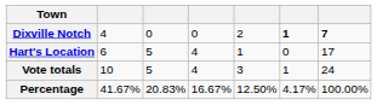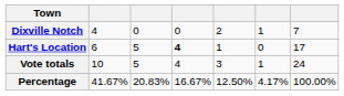 <table class="wikitable sortable" style=margin:auto;margin:auto>
 <tr valign=bottom>
 <th>Town</th>
 <th></th>
 <th></th>
 <th></th>
 <th></th>
 <th></th>
 <th></th>
 </tr>
 <tr>
 <th><a href='#'>Dixville Notch</a></th>
 <td>4</td>
 <td>0</td>
 <td>0</td>
 <td>2</td>
-<td><strong>1</strong></td>
-<td><strong>7</strong></td>
+<td>1</td>
+<td>7</td>
 </tr>
 <tr>
 <th><a href='#'>Hart's Location</a></th>
 <td>6</td>
 <td>5</td>
-<td>4</td>
+<td><strong>4</strong></td>
 <td>1</td>
 <td>0</td>
 <td>17</td>
 </tr>
 <tr>
 <th>Vote totals</th>
 <td>10</td>
 <td>5</td>
 <td>4</td>
 <td>3</td>
 <td>1</td>
 <td>24</td>
 </tr>
 <tr>
 <th>Percentage</th>
 <td>41.67%</td>
 <td>20.83%</td>
 <td>16.67%</td>
 <td>12.50%</td>
 <td>4.17%</td>
 <td>100.00%</td>
 </tr>
 </table>
